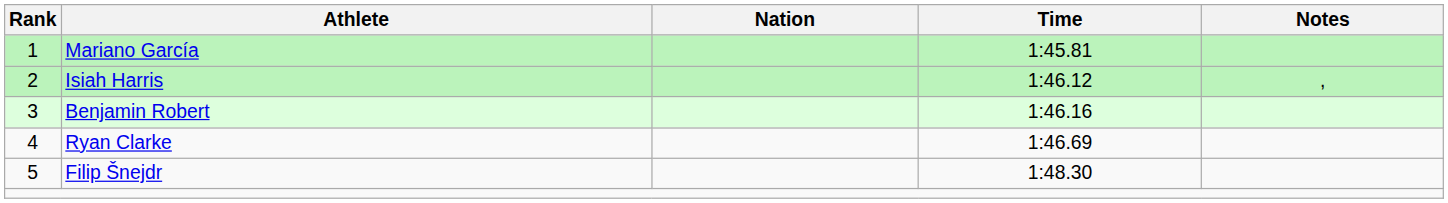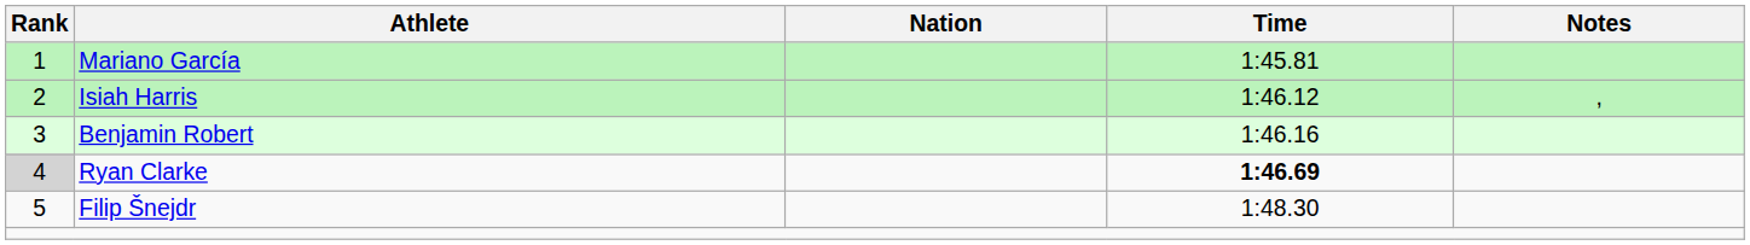 <table class="wikitable sortable" style="text-align:center;width: 60%;">
 <tr>
 <th scope="col" style="width: 10px;">Rank</th>
 <th scope="col">Athlete</th>
 <th scope="col">Nation</th>
 <th scope="col">Time</th>
 <th scope="col">Notes</th>
 </tr>
 <tr bgcolor=bbf3bb>
 <td>1</td>
 <td align=left><a href='#'>Mariano García</a></td>
 <td align=left></td>
 <td>1:45.81</td>
 <td></td>
 </tr>
 <tr bgcolor=bbf3bb>
 <td>2</td>
 <td align=left><a href='#'>Isiah Harris</a></td>
 <td align=left></td>
 <td>1:46.12</td>
 <td>, </td>
 </tr>
 <tr bgcolor=ddffdd>
 <td>3</td>
 <td align=left><a href='#'>Benjamin Robert</a></td>
 <td align=left></td>
 <td>1:46.16</td>
 <td></td>
 </tr>
 <tr>
-<td>4</td>
+<td style="background: lightgrey;">4</td>
 <td align=left><a href='#'>Ryan Clarke</a></td>
 <td align=left></td>
-<td>1:46.69</td>
+<td><strong>1:46.69</strong></td>
 <td></td>
 </tr>
 <tr>
 <td>5</td>
 <td align=left><a href='#'>Filip Šnejdr</a></td>
 <td align=left></td>
 <td>1:48.30</td>
 <td></td>
 </tr>
 <tr class="sortbottom">
 <td colspan="5"></td>
 </tr>
 </table>
